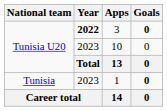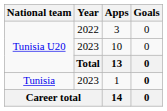 <table class="wikitable" style="text-align:center">
 <tr>
 <th>National team</th>
 <th>Year</th>
 <th>Apps</th>
 <th>Goals</th>
 </tr>
 <tr>
 <td rowspan="3"><a href='#'>Tunisia U20</a></td>
-<td><strong>2022</strong></td>
+<td>2022</td>
 <td>3</td>
-<td><strong>0</strong></td>
+<td>0</td>
 </tr>
 <tr>
 <td>2023</td>
 <td>10</td>
 <td>0</td>
 </tr>
 <tr>
 <th>Total</th>
 <th>13</th>
 <th>0</th>
 </tr>
 <tr>
 <td><a href='#'>Tunisia</a></td>
 <td>2023</td>
 <td>1</td>
 <td><strong>0</strong></td>
 </tr>
 <tr>
 <th colspan="2">Career total</th>
 <th>14</th>
 <th>0</th>
 </tr>
 </table>
